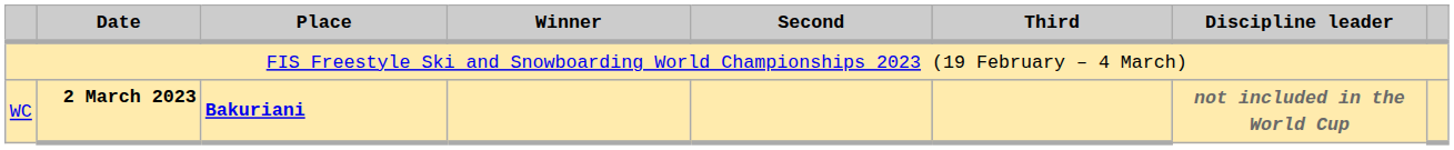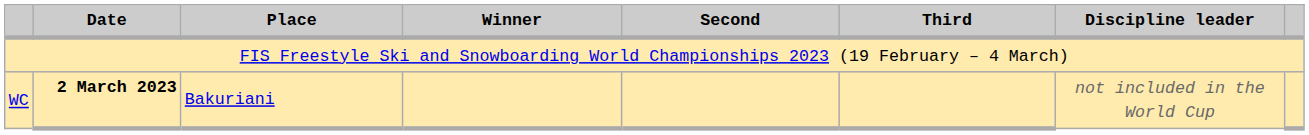 <table class="wikitable plainrowheaders" style="background:#fff; font-size:86%; line-height:16px; border:grey solid 1px; border-collapse:collapse;">
 <tr>
 <th scope="col" style="background:#ccc; width=30 px;"></th>
 <th scope="col" style="background:#ccc; width:120px;">Date</th>
 <th scope="col" style="background:#ccc; width:180px;">Place</th>
 <th scope="col" style="background:#ccc; width:185px;">Winner</th>
 <th scope="col" style="background:#ccc; width:185px;">Second</th>
 <th scope="col" style="background:#ccc; width:185px;">Third</th>
 <th scope="col" style="background:#ccc; width:185px;">Discipline leader</th>
 <th scope="col" style="background:#ccc; width:10px;"></th>
 </tr>
 <tr style="background:#FFEBAD">
 <td align=center style="border-top-width:3px" colspan=11><a href='#'>FIS Freestyle Ski and Snowboarding World Championships 2023</a> (19 February – 4 March)</td>
 </tr>
 <tr style="background:#FFEBAD">
 <td align="center" style=color:#696969 style="border-bottom-width:3px"><a href='#'>WC</a></td>
 <td style="border-bottom-width:3px" align="right"><strong>2 March 2023  </strong></td>
-<td style="border-bottom-width:3px"><strong> <a href='#'>Bakuriani</a></strong></td>
+<td style="border-bottom-width:3px"> <a href='#'>Bakuriani</a></td>
 <td style="border-bottom-width:3px"></td>
 <td style="border-bottom-width:3px"></td>
 <td style="border-bottom-width:3px"></td>
-<td align="center" style=color:#696969 style="border-bottom-width:3px"><strong><em>not included in the World Cup</em></strong></td>
+<td align="center" style=color:#696969 style="border-bottom-width:3px"><em>not included in the World Cup</em></td>
 <td style="border-bottom-width:3px"></td>
 </tr>
 </table>
